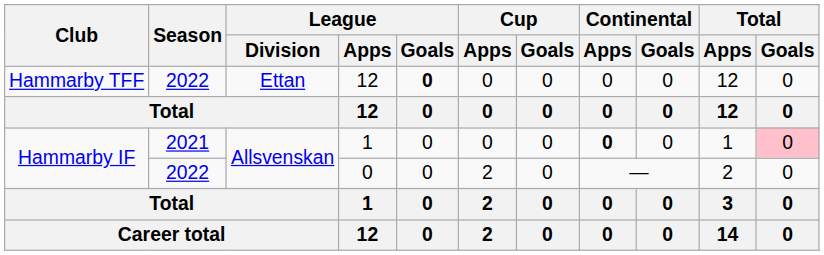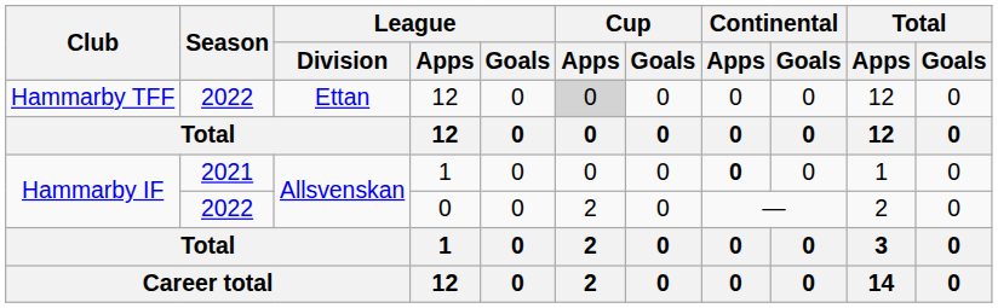 <table class="wikitable" style="text-align:center;">
 <tr>
 <th rowspan="2">Club</th>
 <th rowspan="2">Season</th>
 <th colspan="3">League</th>
 <th colspan="2">Cup</th>
 <th colspan="2">Continental</th>
 <th colspan="2">Total</th>
 </tr>
 <tr>
 <th>Division</th>
 <th>Apps</th>
 <th>Goals</th>
 <th>Apps</th>
 <th>Goals</th>
 <th>Apps</th>
 <th>Goals</th>
 <th>Apps</th>
 <th>Goals</th>
 </tr>
 <tr>
 <td><a href='#'>Hammarby TFF</a></td>
 <td><a href='#'>2022</a></td>
 <td><a href='#'>Ettan</a></td>
 <td>12</td>
-<td><strong>0</strong></td>
 <td>0</td>
+<td style="background: lightgrey;">0</td>
 <td>0</td>
 <td>0</td>
 <td>0</td>
 <td>12</td>
 <td>0</td>
 </tr>
 <tr>
 <th colspan="3">Total</th>
 <th>12</th>
 <th>0</th>
 <th>0</th>
 <th>0</th>
 <th>0</th>
 <th>0</th>
 <th>12</th>
 <th>0</th>
 </tr>
 <tr>
 <td rowspan=2><a href='#'>Hammarby IF</a></td>
 <td><a href='#'>2021</a></td>
 <td rowspan="2" valign="center"><a href='#'>Allsvenskan</a></td>
 <td>1</td>
 <td>0</td>
 <td>0</td>
 <td>0</td>
 <td><strong>0</strong></td>
 <td>0</td>
 <td>1</td>
-<td style="background: pink;">0</td>
+<td>0</td>
 </tr>
 <tr>
 <td><a href='#'>2022</a></td>
 <td>0</td>
 <td>0</td>
 <td>2</td>
 <td>0</td>
 <td colspan="2">—</td>
 <td>2</td>
 <td>0</td>
 </tr>
 <tr>
 <th colspan="3">Total</th>
 <th>1</th>
 <th>0</th>
 <th>2</th>
 <th>0</th>
 <th>0</th>
 <th>0</th>
 <th>3</th>
 <th>0</th>
 </tr>
 <tr>
 <th colspan="3">Career total</th>
 <th>12</th>
 <th>0</th>
 <th>2</th>
 <th>0</th>
 <th>0</th>
 <th>0</th>
 <th>14</th>
 <th>0</th>
 </tr>
 </table>
